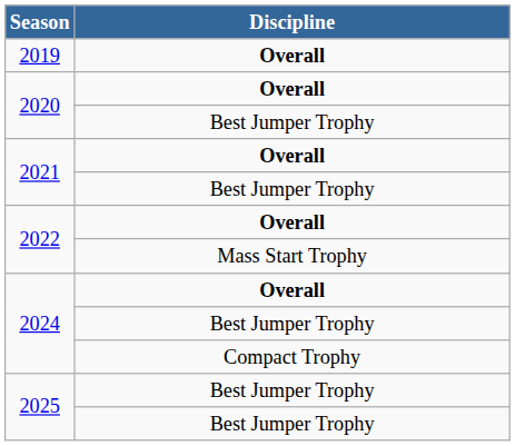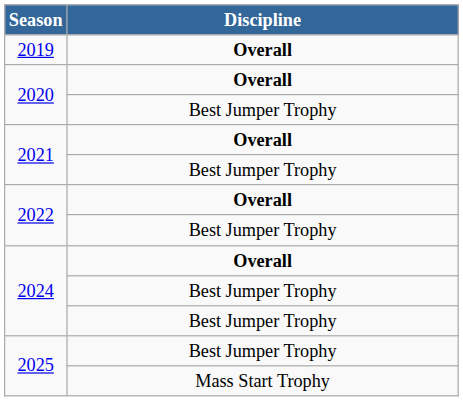 <table class="wikitable"  style="font-size:95%; text-align:center; border:gray solid 1px; width:30%;">
 <tr style="background:#369; color:white;">
 <td colspan="1" style="width:10%;"><strong>Season</strong></td>
 <td><strong>Discipline</strong></td>
 </tr>
 <tr>
 <td align=center><a href='#'>2019</a></td>
 <td align=center><strong>Overall</strong></td>
 </tr>
 <tr>
 <td rowspan="2" align=center><a href='#'>2020</a></td>
 <td align=center><strong>Overall</strong></td>
 </tr>
 <tr>
 <td align=center>Best Jumper Trophy</td>
 </tr>
 <tr>
 <td rowspan="2" align=center><a href='#'>2021</a></td>
 <td align=center><strong>Overall</strong></td>
 </tr>
 <tr>
 <td align=center>Best Jumper Trophy</td>
 </tr>
 <tr>
 <td rowspan="2" align=center><a href='#'>2022</a></td>
 <td align=center><strong>Overall</strong></td>
 </tr>
 <tr>
-<td align=center>Mass Start Trophy</td>
+<td align=center>Best Jumper Trophy</td>
 </tr>
 <tr>
 <td rowspan="3" align=center><a href='#'>2024</a></td>
 <td align=center><strong>Overall</strong></td>
 </tr>
 <tr>
 <td align=center>Best Jumper Trophy</td>
 </tr>
 <tr>
-<td align=center>Compact Trophy</td>
+<td align=center>Best Jumper Trophy</td>
 </tr>
 <tr>
 <td rowspan="2" align=center><a href='#'>2025</a></td>
 <td align=center>Best Jumper Trophy</td>
 </tr>
 <tr>
-<td align=center>Best Jumper Trophy</td>
+<td align=center>Mass Start Trophy</td>
 </tr>
 </table>
